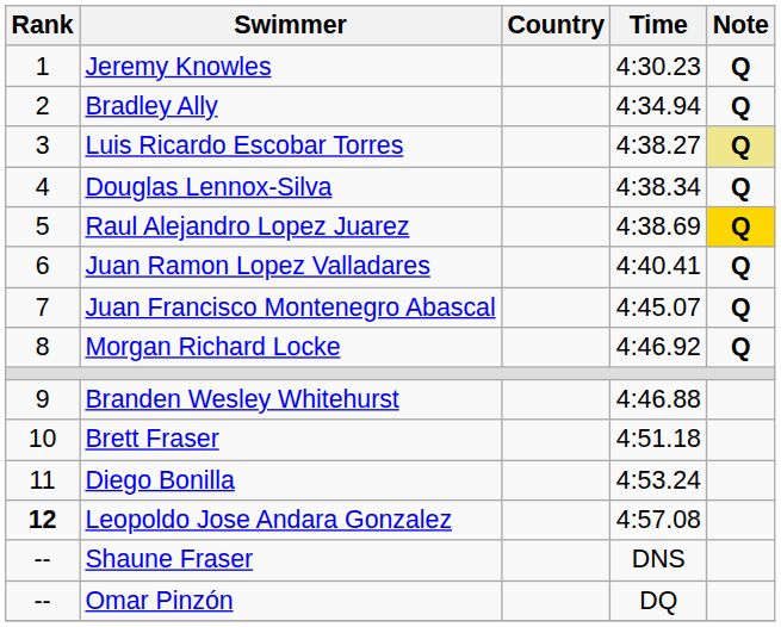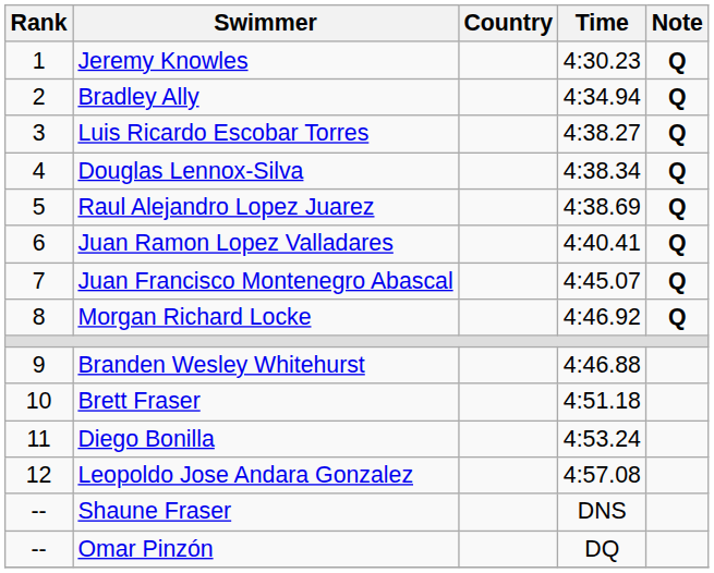 <table class="wikitable" style="text-align:center">
 <tr>
 <th>Rank</th>
 <th>Swimmer</th>
 <th>Country</th>
 <th>Time</th>
 <th>Note</th>
 </tr>
 <tr>
 <td>1</td>
 <td align=left><a href='#'>Jeremy Knowles</a></td>
 <td align=left></td>
 <td>4:30.23</td>
 <td><strong>Q</strong></td>
 </tr>
 <tr>
 <td>2</td>
 <td align=left><a href='#'>Bradley Ally</a></td>
 <td align=left></td>
 <td>4:34.94</td>
 <td><strong>Q</strong></td>
 </tr>
 <tr>
 <td>3</td>
 <td align=left><a href='#'>Luis Ricardo Escobar Torres</a></td>
 <td align=left></td>
 <td>4:38.27</td>
-<td style="background: khaki;"><strong>Q</strong></td>
+<td><strong>Q</strong></td>
 </tr>
 <tr>
 <td>4</td>
 <td align=left><a href='#'>Douglas Lennox-Silva</a></td>
 <td align=left></td>
 <td>4:38.34</td>
 <td><strong>Q</strong></td>
 </tr>
 <tr>
 <td>5</td>
 <td align=left><a href='#'>Raul Alejandro Lopez Juarez</a></td>
 <td align=left></td>
 <td>4:38.69</td>
-<td style="background: gold;"><strong>Q</strong></td>
+<td><strong>Q</strong></td>
 </tr>
 <tr>
 <td>6</td>
 <td align=left><a href='#'>Juan Ramon Lopez Valladares</a></td>
 <td align=left></td>
 <td>4:40.41</td>
 <td><strong>Q</strong></td>
 </tr>
 <tr>
 <td>7</td>
 <td align=left><a href='#'>Juan Francisco Montenegro Abascal</a></td>
 <td align=left></td>
 <td>4:45.07</td>
 <td><strong>Q</strong></td>
 </tr>
 <tr>
 <td>8</td>
 <td align=left><a href='#'>Morgan Richard Locke</a></td>
 <td align=left></td>
 <td>4:46.92</td>
 <td><strong>Q</strong></td>
 </tr>
 <tr bgcolor=#DDDDDD>
 <td colspan=5></td>
 </tr>
 <tr>
 <td>9</td>
 <td align=left><a href='#'>Branden Wesley Whitehurst</a></td>
 <td align=left></td>
 <td>4:46.88</td>
 <td></td>
 </tr>
 <tr>
 <td>10</td>
 <td align=left><a href='#'>Brett Fraser</a></td>
 <td align=left></td>
 <td>4:51.18</td>
 <td></td>
 </tr>
 <tr>
 <td>11</td>
 <td align=left><a href='#'>Diego Bonilla</a></td>
 <td align=left></td>
 <td>4:53.24</td>
 <td></td>
 </tr>
 <tr>
-<td><strong>12</strong></td>
+<td>12</td>
 <td align=left><a href='#'>Leopoldo Jose Andara Gonzalez</a></td>
 <td align=left></td>
 <td>4:57.08</td>
 <td></td>
 </tr>
 <tr>
 <td>--</td>
 <td align=left><a href='#'>Shaune Fraser</a></td>
 <td align=left></td>
 <td>DNS</td>
 <td></td>
 </tr>
 <tr>
 <td>--</td>
 <td align=left><a href='#'>Omar Pinzón</a></td>
 <td align=left></td>
 <td>DQ</td>
 <td></td>
 </tr>
 <tr>
 </tr>
 </table>
